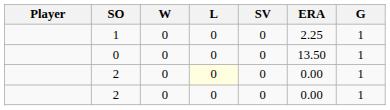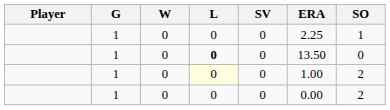 <table class="wikitable sortable">
 <tr>
 <th bgcolor="#DDDDFF" width="16%">Player</th>
-<th bgcolor="#DDDDFF" width="9%">SO</th>
+<th bgcolor="#DDDDFF" width="9%">G</th>
 <th bgcolor="#DDDDFF" width="9%">W</th>
 <th bgcolor="#DDDDFF" width="9%">L</th>
 <th bgcolor="#DDDDFF" width="9%">SV</th>
 <th bgcolor="#DDDDFF" width="9%">ERA</th>
-<th bgcolor="#DDDDFF" width="9%">G</th>
+<th bgcolor="#DDDDFF" width="9%">SO</th>
 </tr>
 <tr align="center">
 <td></td>
 <td>1</td>
 <td>0</td>
 <td>0</td>
 <td>0</td>
 <td>2.25</td>
 <td>1</td>
 </tr>
 <tr align="center">
 <td></td>
+<td>1</td>
 <td>0</td>
-<td>0</td>
-<td>0</td>
+<td><strong>0</strong></td>
 <td>0</td>
 <td>13.50</td>
-<td>1</td>
+<td>0</td>
 </tr>
 <tr align="center">
 <td></td>
-<td>2</td>
+<td>1</td>
 <td>0</td>
 <td style="background: lightyellow;">0</td>
 <td>0</td>
-<td>0.00</td>
-<td>1</td>
+<td>1.00</td>
+<td>2</td>
 </tr>
 <tr align="center">
 <td></td>
-<td>2</td>
+<td>1</td>
 <td>0</td>
 <td>0</td>
 <td>0</td>
 <td>0.00</td>
-<td>1</td>
+<td>2</td>
 </tr>
 </table>
